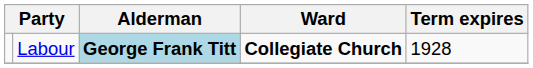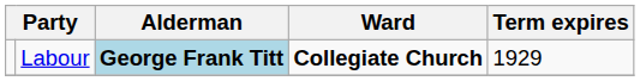 <table class="wikitable">
 <tr>
 <th colspan="2">Party</th>
 <th>Alderman</th>
 <th>Ward</th>
 <th>Term expires</th>
 </tr>
 <tr>
 <td style="background-color:"></td>
 <td><a href='#'>Labour</a></td>
 <td style="background: lightblue;"><strong>George Frank Titt</strong></td>
 <td><strong>Collegiate Church</strong></td>
-<td>1928</td>
+<td>1929</td>
 </tr>
 <tr>
 </tr>
 </table>
